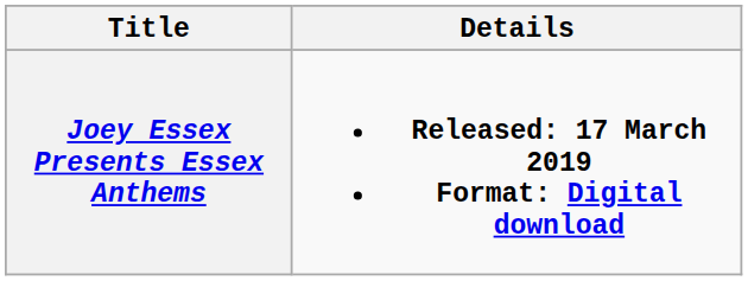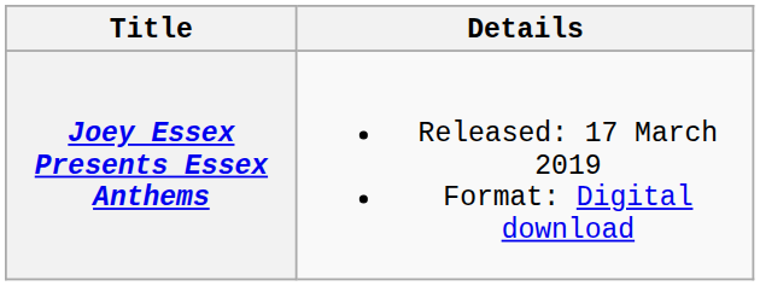 <table class="wikitable plainrowheaders" style="text-align:center;">
 <tr>
 <th scope="col" style="width:10em;">Title</th>
 <th scope="col" style="width:16em;">Details</th>
 </tr>
 <tr>
 <th scope="row"><em><a href='#'>Joey Essex Presents Essex Anthems</a></em></th>
-<td><strong><br><ul><li>Released: 17 March 2019</li><li>Format: <a href='#'>Digital download</a></li></ul></strong></td>
+<td><br><ul><li>Released: 17 March 2019</li><li>Format: <a href='#'>Digital download</a></li></ul></td>
 </tr>
 </table>
